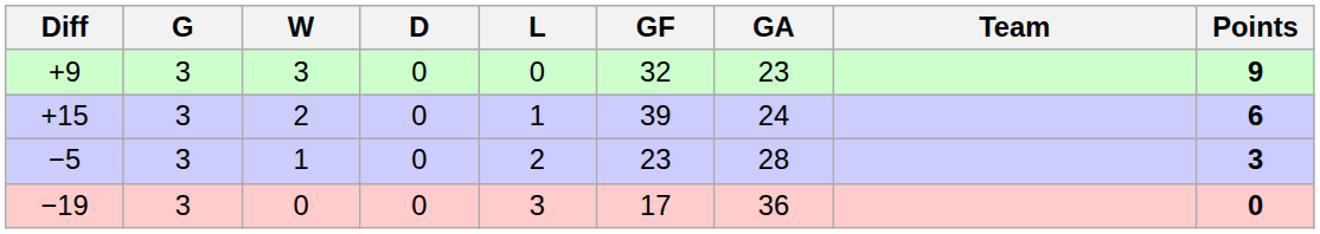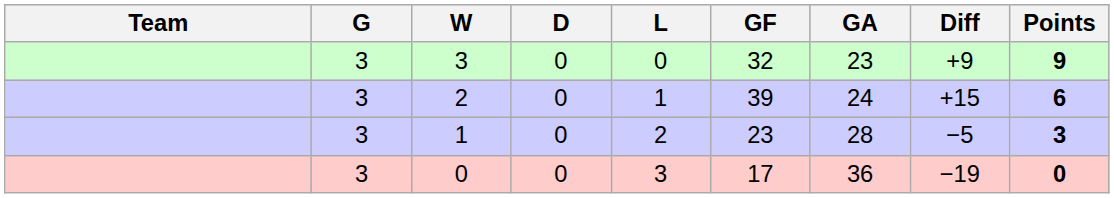 <table class=wikitable style="text-align:center">
 <tr bgcolor="#dcdcdc">
-<th width="60">Diff</th>
+<th width="200">Team</th>
 <th width="60">G</th>
 <th width="60">W</th>
 <th width="60">D</th>
 <th width="60">L</th>
 <th width="60">GF</th>
 <th width="60">GA</th>
-<th width="200">Team</th>
+<th width="60">Diff</th>
 <th width="60">Points</th>
 </tr>
 <tr bgcolor=ccffcc>
-<td>+9</td>
+<td align=left></td>
 <td>3</td>
 <td>3</td>
 <td>0</td>
 <td>0</td>
 <td>32</td>
 <td>23</td>
-<td align=left></td>
+<td>+9</td>
 <td><strong>9</strong></td>
 </tr>
 <tr bgcolor=ccccff>
-<td>+15</td>
+<td align=left></td>
 <td>3</td>
 <td>2</td>
 <td>0</td>
 <td>1</td>
 <td>39</td>
 <td>24</td>
-<td align=left></td>
+<td>+15</td>
 <td><strong>6</strong></td>
 </tr>
 <tr bgcolor=ccccff>
-<td>−5</td>
+<td align=left></td>
 <td>3</td>
 <td>1</td>
 <td>0</td>
 <td>2</td>
 <td>23</td>
 <td>28</td>
-<td align=left></td>
+<td>−5</td>
 <td><strong>3</strong></td>
 </tr>
 <tr bgcolor=ffcccc>
-<td>−19</td>
+<td align=left></td>
 <td>3</td>
 <td>0</td>
 <td>0</td>
 <td>3</td>
 <td>17</td>
 <td>36</td>
-<td align=left></td>
+<td>−19</td>
 <td><strong>0</strong></td>
 </tr>
 </table>
